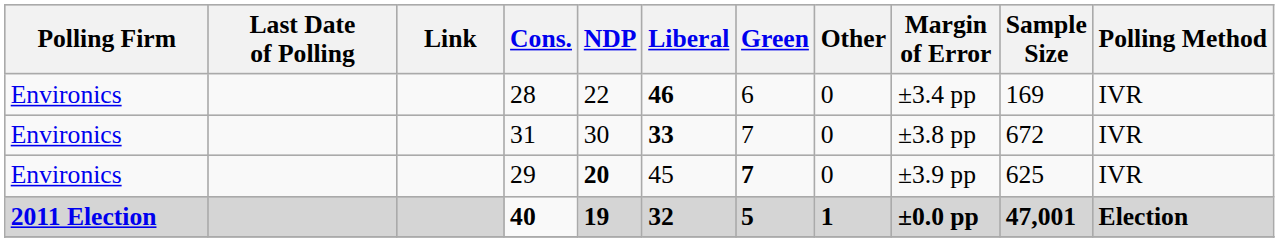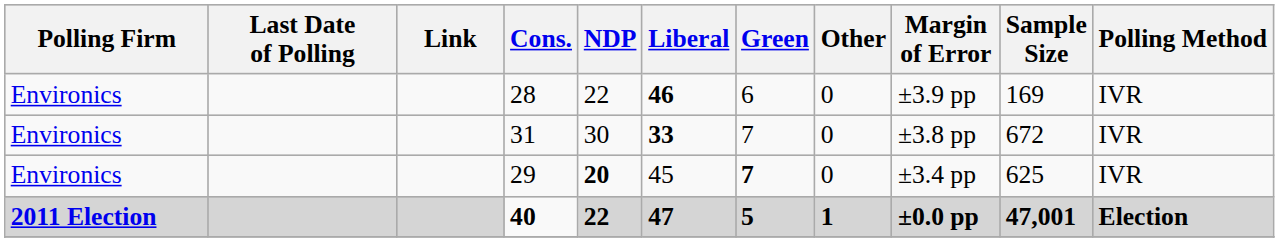 <table class="wikitable sortable">
 <tr style="background:#e9e9e9;">
 <th style="width:120px">Polling Firm</th>
 <th style="width:110px">Last Date<br>of Polling</th>
 <th style="width:60px" class="unsortable">Link</th>
 <th style="background-color:"><strong><a href='#'>Cons.</a></strong></th>
 <th style="background-color:"><strong><a href='#'>NDP</a></strong></th>
 <th style="background-color:"><strong><a href='#'>Liberal</a></strong></th>
 <th style="background-color:"><strong><a href='#'>Green</a></strong></th>
 <th style="background-color:"><strong>Other</strong></th>
 <th style="width:60px;" class=unsortable>Margin<br>of Error</th>
 <th style="width:50px;" class=unsortable>Sample<br>Size</th>
 <th class=unsortable>Polling Method</th>
 </tr>
 <tr>
 <td><a href='#'>Environics</a></td>
 <td></td>
 <td></td>
 <td>28</td>
 <td>22</td>
 <td><strong>46</strong></td>
 <td>6</td>
 <td>0</td>
-<td>±3.4 pp</td>
+<td>±3.9 pp</td>
 <td>169</td>
 <td>IVR</td>
 </tr>
 <tr>
 <td><a href='#'>Environics</a></td>
 <td></td>
 <td></td>
 <td>31</td>
 <td>30</td>
 <td><strong>33</strong></td>
 <td>7</td>
 <td>0</td>
 <td>±3.8 pp</td>
 <td>672</td>
 <td>IVR</td>
 </tr>
 <tr>
 <td><a href='#'>Environics</a></td>
 <td></td>
 <td></td>
 <td>29</td>
 <td><strong>20</strong></td>
 <td>45</td>
 <td><strong>7</strong></td>
 <td>0</td>
-<td>±3.9 pp</td>
+<td>±3.4 pp</td>
 <td>625</td>
 <td>IVR</td>
 </tr>
 <tr>
 <td style="background:#D5D5D5"><strong><a href='#'>2011 Election</a></strong></td>
 <td style="background:#D5D5D5"><strong></strong></td>
 <td style="background:#D5D5D5"></td>
 <td><strong>40</strong></td>
-<td style="background:#D5D5D5"><strong>19</strong></td>
-<td style="background:#D5D5D5"><strong>32</strong></td>
+<td style="background:#D5D5D5"><strong>22</strong></td>
+<td style="background:#D5D5D5"><strong>47</strong></td>
 <td style="background:#D5D5D5"><strong>5</strong></td>
 <td style="background:#D5D5D5"><strong>1</strong></td>
 <td style="background:#D5D5D5"><strong>±0.0 pp</strong></td>
 <td style="background:#D5D5D5"><strong>47,001</strong></td>
 <td style="background:#D5D5D5"><strong>Election</strong></td>
 </tr>
 <tr>
 </tr>
 <tr>
 </tr>
 </table>
